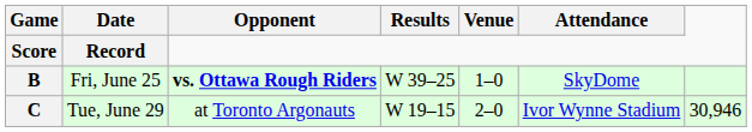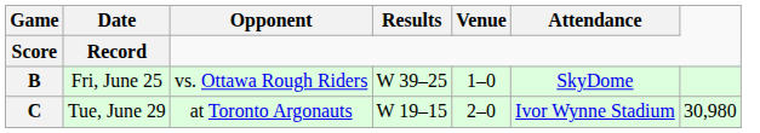 <table class="wikitable" style="text-align:center">
 <tr>
 <th>Game</th>
 <th>Date</th>
 <th>Opponent</th>
 <th>Results</th>
 <th>Venue</th>
 <th>Attendance</th>
 </tr>
 <tr>
 <th>Score</th>
 <th>Record</th>
 </tr>
 <tr style="background:#ddffdd">
 <th>B</th>
 <td>Fri, June 25</td>
-<td><strong>vs. <a href='#'>Ottawa Rough Riders</a></strong></td>
+<td>vs. <a href='#'>Ottawa Rough Riders</a></td>
 <td>W 39–25</td>
 <td>1–0</td>
 <td><a href='#'>SkyDome</a></td>
 <td></td>
 </tr>
 <tr style="background:#ddffdd">
 <th>C</th>
 <td>Tue, June 29</td>
 <td>at <a href='#'>Toronto Argonauts</a></td>
 <td>W 19–15</td>
 <td>2–0</td>
 <td><a href='#'>Ivor Wynne Stadium</a></td>
-<td>30,946</td>
+<td>30,980</td>
 </tr>
 </table>
